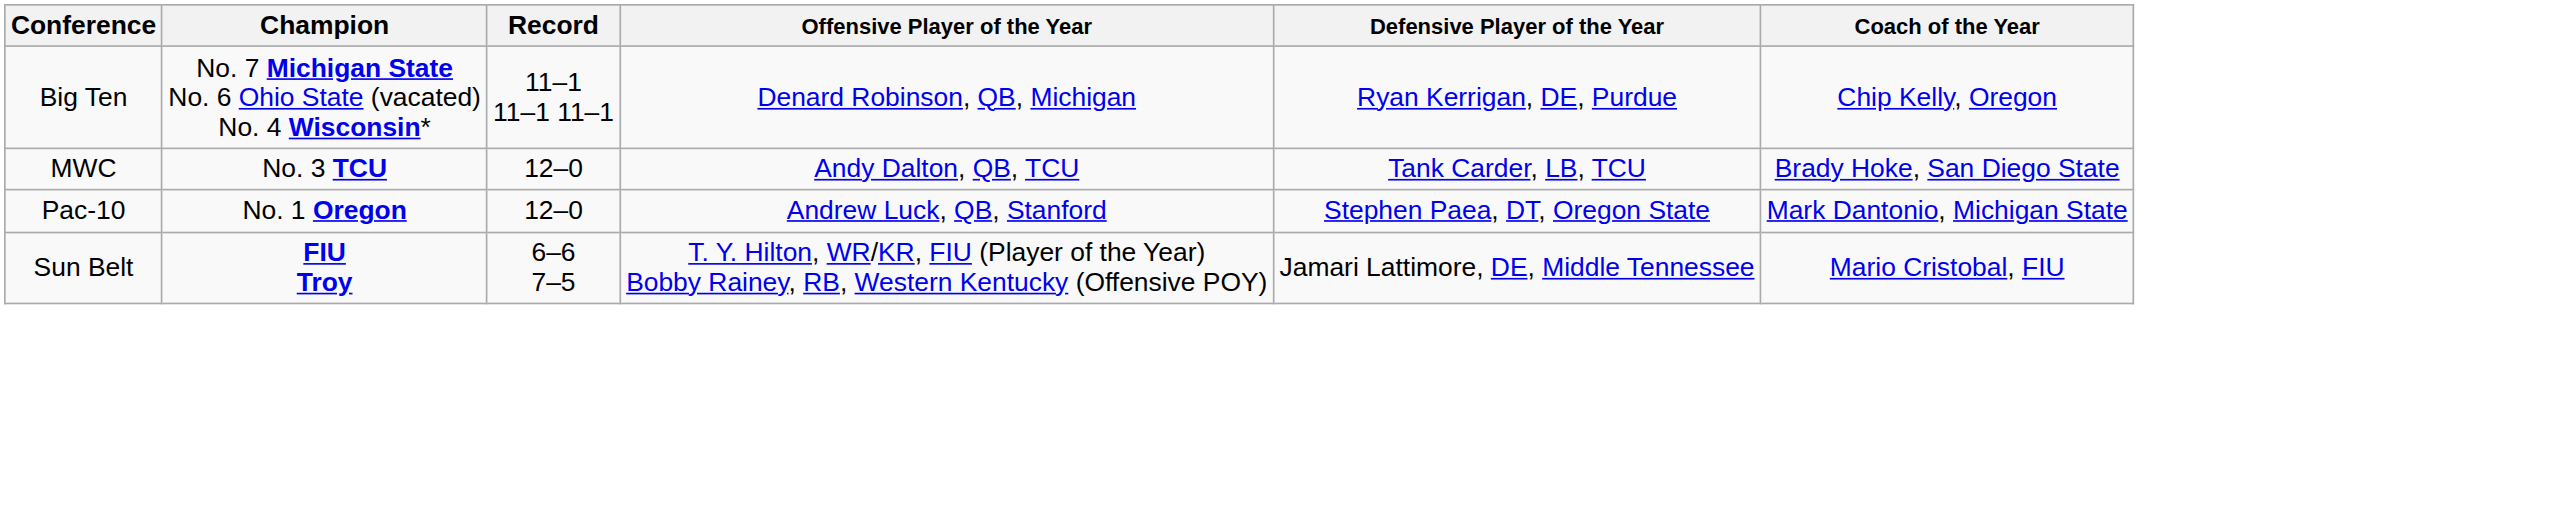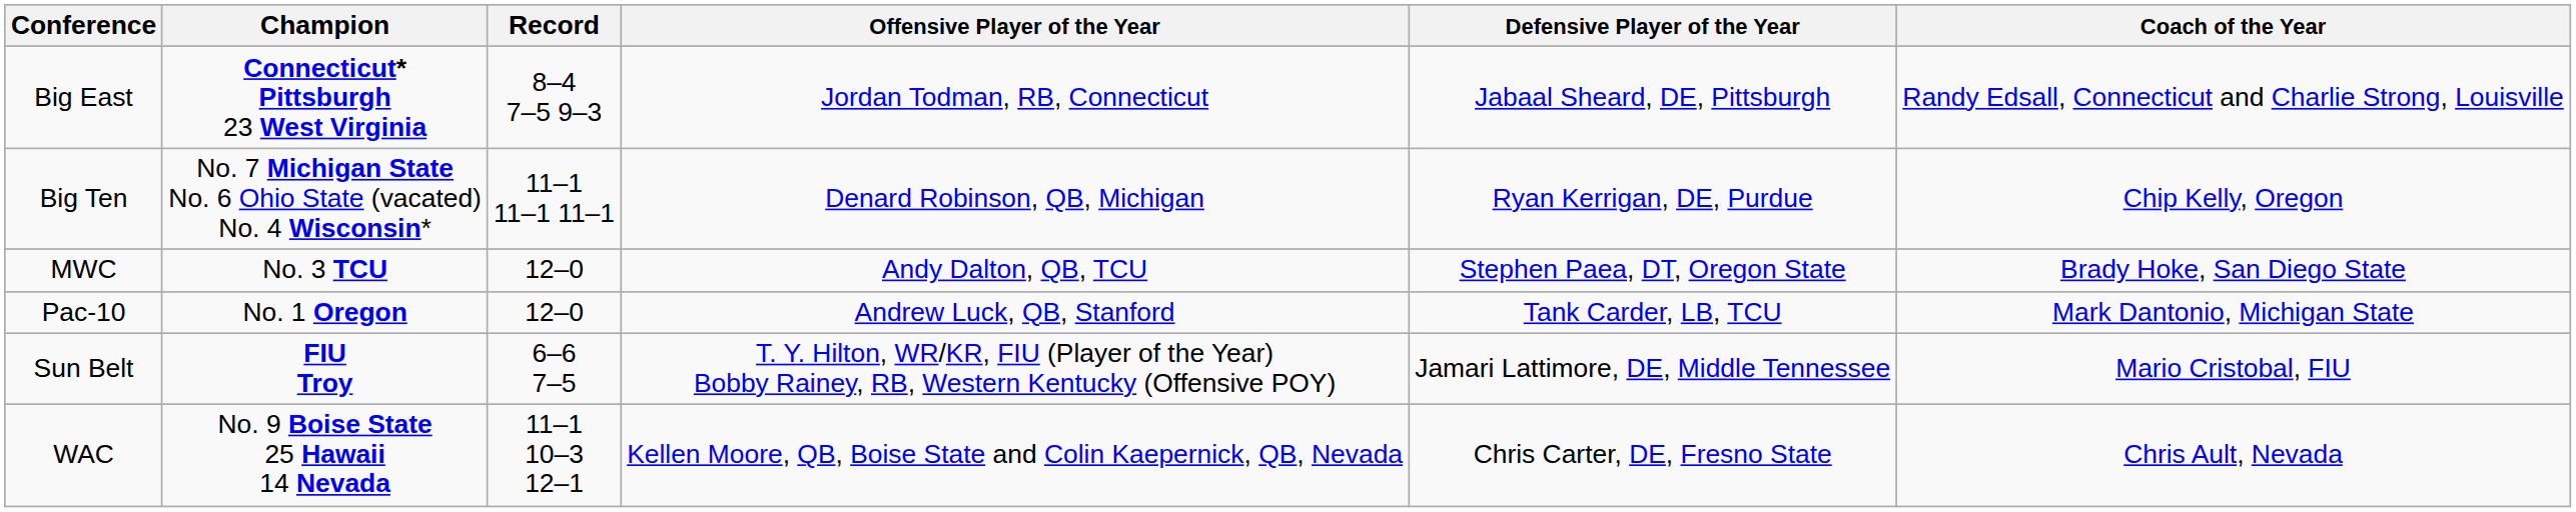 <table class="wikitable" style="text-align:center;">
 <tr>
 <th>Conference</th>
 <th>Champion</th>
 <th>Record</th>
 <th><small>Offensive Player of the Year</small></th>
 <th><small>Defensive Player of the Year</small></th>
 <th><small>Coach of the Year</small></th>
+</tr>
+<tr>
+<td>Big East</td>
+<td><strong><a href='#'>Connecticut</a>*<br><a href='#'>Pittsburgh</a></strong><br>23 <strong><a href='#'>West Virginia</a></strong></td>
+<td>8–4<br>7–5 9–3</td>
+<td><a href='#'>Jordan Todman</a>, <a href='#'>RB</a>, <a href='#'>Connecticut</a></td>
+<td><a href='#'>Jabaal Sheard</a>, <a href='#'>DE</a>, <a href='#'>Pittsburgh</a></td>
+<td><a href='#'>Randy Edsall</a>, <a href='#'>Connecticut</a> and <a href='#'>Charlie Strong</a>, <a href='#'>Louisville</a></td>
 </tr>
 <tr>
 <td>Big Ten</td>
 <td>No. 7 <strong><a href='#'>Michigan State</a></strong><br>No. 6 <a href='#'>Ohio State</a> (vacated)<br>No. 4 <a href='#'><strong>Wisconsin</strong></a>*</td>
 <td>11–1<br>11–1 11–1</td>
 <td><a href='#'>Denard Robinson</a>, <a href='#'>QB</a>, <a href='#'>Michigan</a></td>
 <td><a href='#'>Ryan Kerrigan</a>, <a href='#'>DE</a>, <a href='#'>Purdue</a></td>
 <td><a href='#'>Chip Kelly</a>, <a href='#'>Oregon</a></td>
 </tr>
 <tr>
 <td>MWC</td>
 <td>No. 3 <a href='#'><strong>TCU</strong></a></td>
 <td>12–0</td>
 <td><a href='#'>Andy Dalton</a>, <a href='#'>QB</a>, <a href='#'>TCU</a></td>
-<td><a href='#'>Tank Carder</a>, <a href='#'>LB</a>, <a href='#'>TCU</a></td>
+<td><a href='#'>Stephen Paea</a>, <a href='#'>DT</a>, <a href='#'>Oregon State</a></td>
 <td><a href='#'>Brady Hoke</a>, <a href='#'>San Diego State</a></td>
 </tr>
 <tr>
 <td>Pac-10</td>
 <td>No. 1 <a href='#'><strong>Oregon</strong></a></td>
 <td>12–0</td>
 <td><a href='#'>Andrew Luck</a>, <a href='#'>QB</a>, <a href='#'>Stanford</a></td>
-<td><a href='#'>Stephen Paea</a>, <a href='#'>DT</a>, <a href='#'>Oregon State</a></td>
+<td><a href='#'>Tank Carder</a>, <a href='#'>LB</a>, <a href='#'>TCU</a></td>
 <td><a href='#'>Mark Dantonio</a>, <a href='#'>Michigan State</a></td>
 </tr>
 <tr>
 <td>Sun Belt</td>
 <td><strong><a href='#'>FIU</a><br><a href='#'>Troy</a></strong></td>
 <td>6–6<br>7–5</td>
 <td><a href='#'>T. Y. Hilton</a>, <a href='#'>WR</a>/<a href='#'>KR</a>, <a href='#'>FIU</a> (Player of the Year)<br><a href='#'>Bobby Rainey</a>, <a href='#'>RB</a>, <a href='#'>Western Kentucky</a> (Offensive POY)</td>
 <td>Jamari Lattimore, <a href='#'>DE</a>, <a href='#'>Middle Tennessee</a></td>
 <td><a href='#'>Mario Cristobal</a>, <a href='#'>FIU</a></td>
 </tr>
+<tr>
+<td>WAC</td>
+<td>No. 9 <strong><a href='#'>Boise State</a></strong><br>25 <strong><a href='#'>Hawaii</a></strong><br>14 <strong><a href='#'>Nevada</a></strong></td>
+<td>11–1<br>10–3<br>12–1</td>
+<td><a href='#'>Kellen Moore</a>, <a href='#'>QB</a>, <a href='#'>Boise State</a> and <a href='#'>Colin Kaepernick</a>, <a href='#'>QB</a>, <a href='#'>Nevada</a></td>
+<td>Chris Carter, <a href='#'>DE</a>, <a href='#'>Fresno State</a></td>
+<td><a href='#'>Chris Ault</a>, <a href='#'>Nevada</a></td>
+</tr>
 </table>
